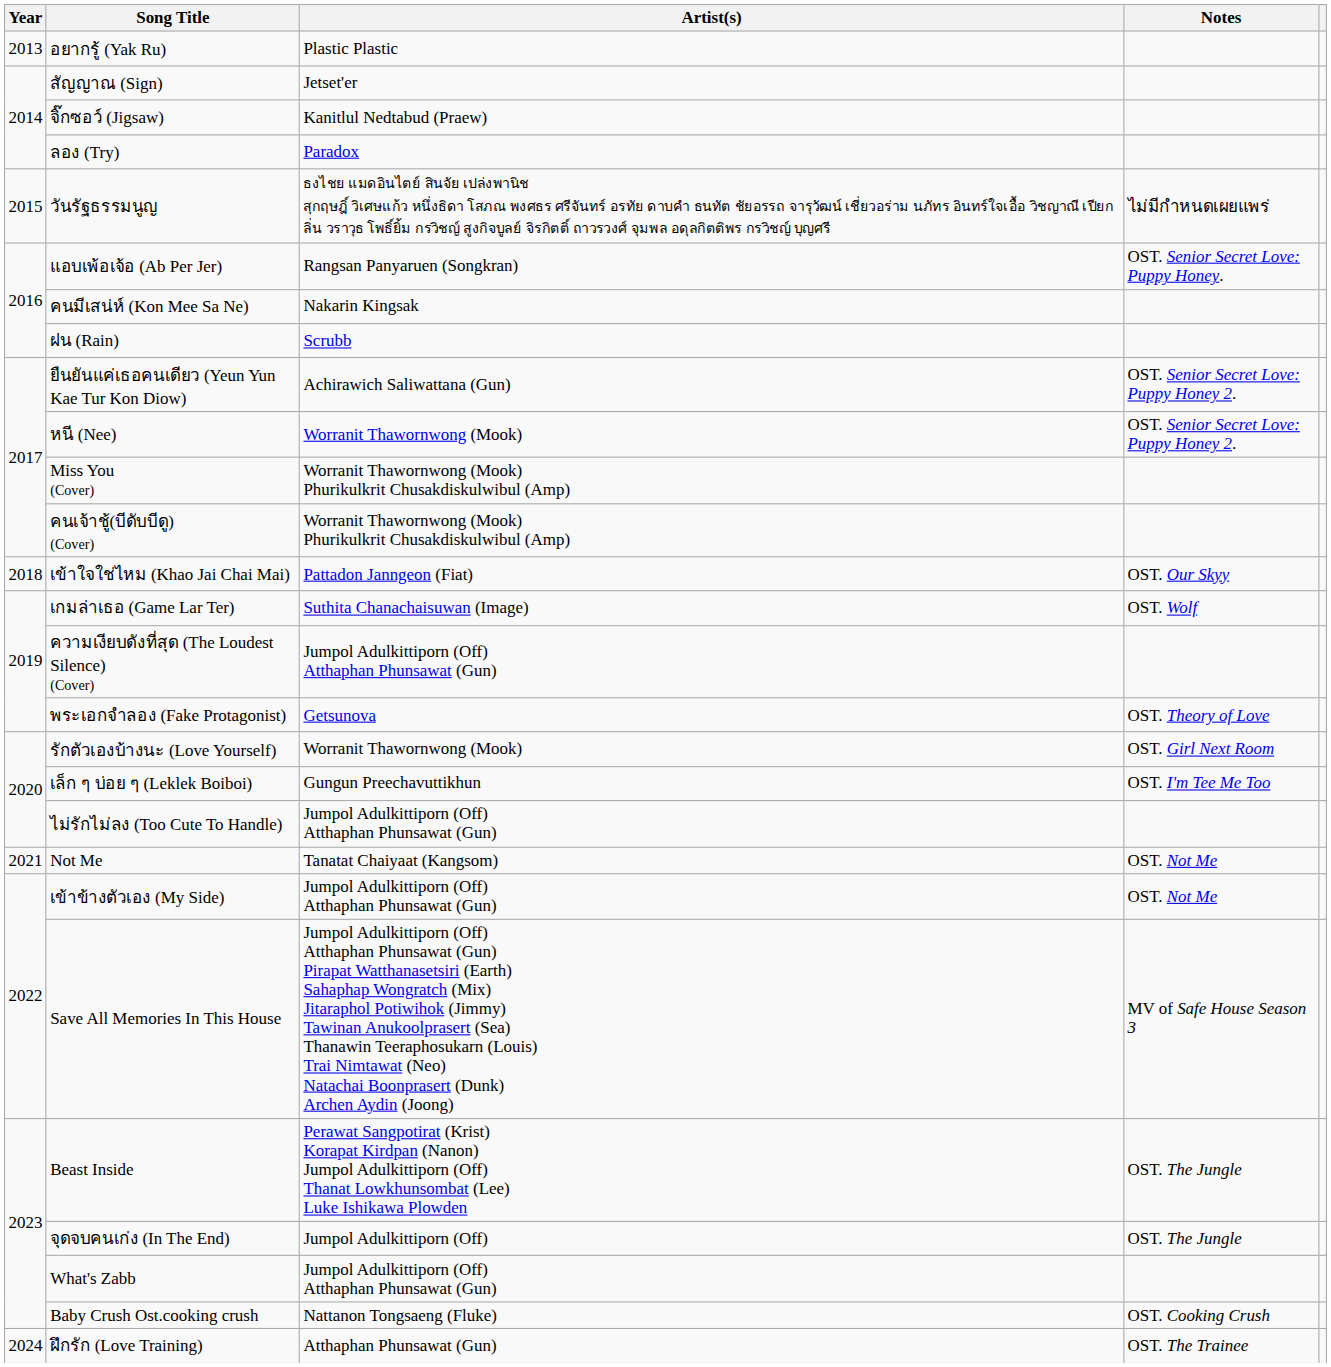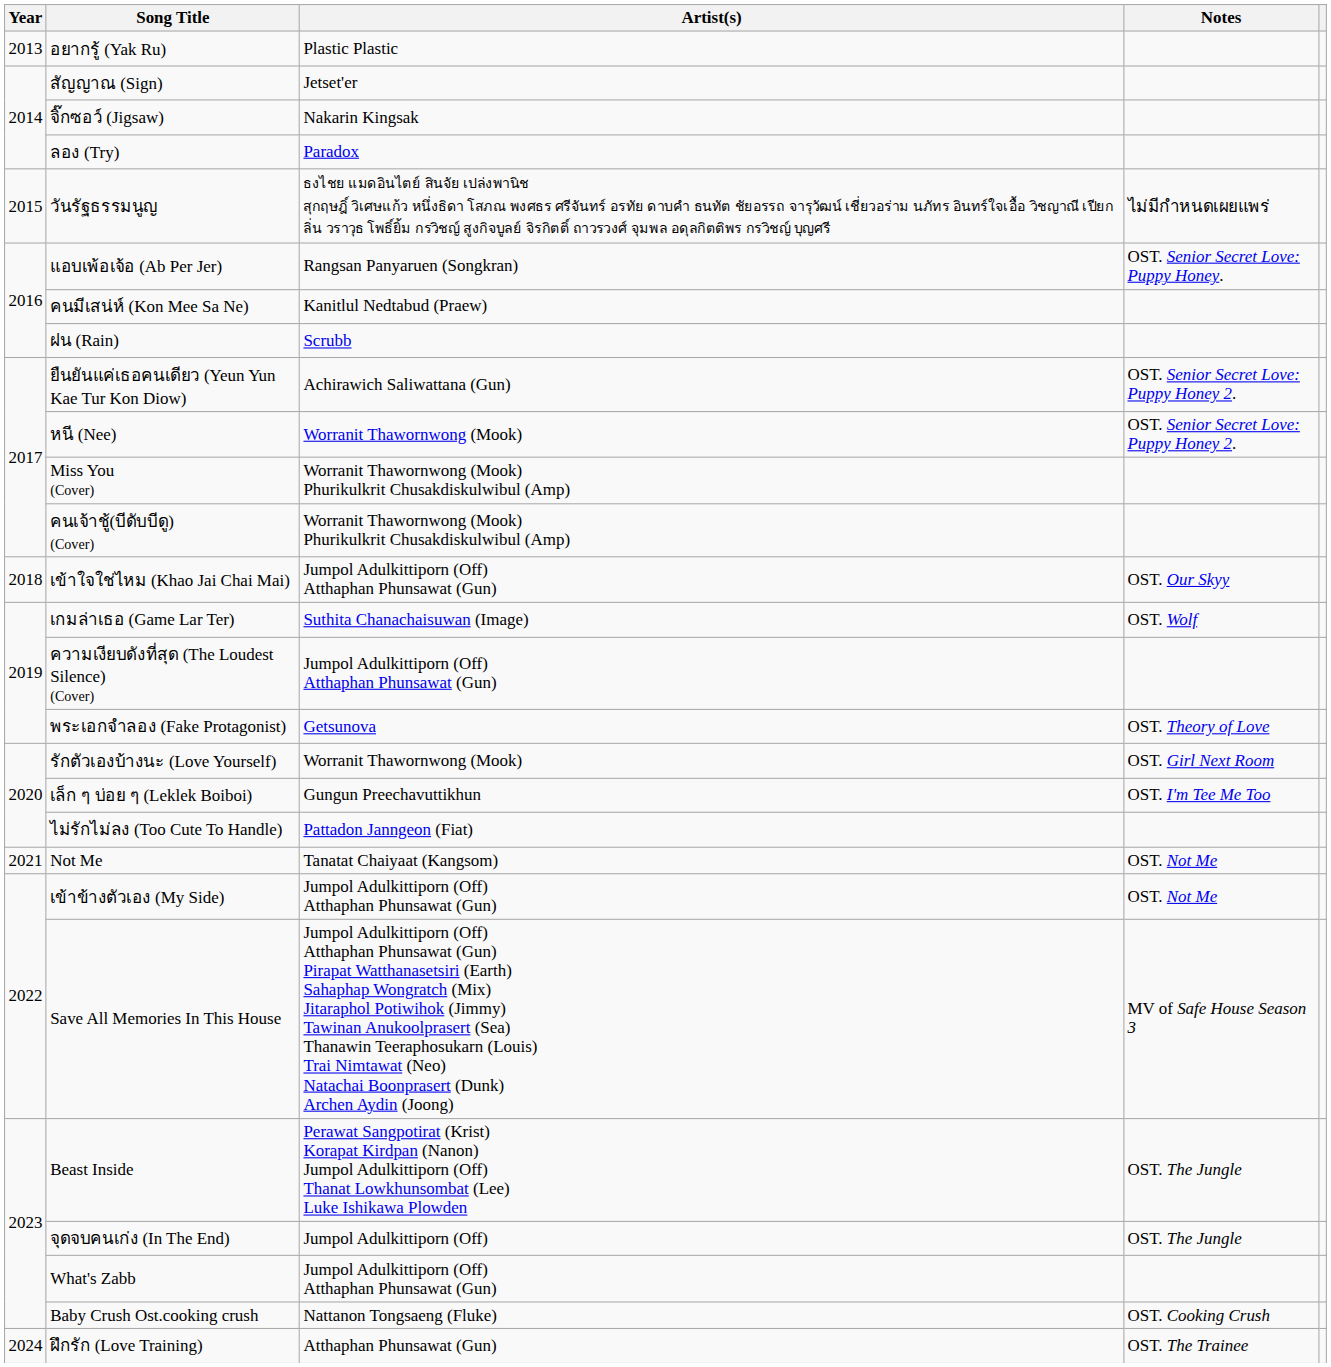 <table class="wikitable sortable plainrowheaders">
 <tr>
 <th scope="col">Year</th>
 <th scope="col">Song Title</th>
 <th scope="col">Artist(s)</th>
 <th scope="col" class="unsortable">Notes</th>
 <th scope="col" class="unsortable"></th>
 </tr>
 <tr>
 <td scope="row">2013</td>
 <td>อยากรู้ (Yak Ru)</td>
 <td>Plastic Plastic</td>
 <td></td>
 <td style="text-align: center;"></td>
 </tr>
 <tr>
 <td rowspan="3" scope="row">2014</td>
 <td>สัญญาณ (Sign)</td>
 <td>Jetset'er</td>
 <td></td>
 <td style="text-align: center;"></td>
 </tr>
 <tr>
 <td>จิ๊กซอว์ (Jigsaw)</td>
-<td>Kanitlul Nedtabud (Praew)</td>
+<td>Nakarin Kingsak</td>
 <td></td>
 <td style="text-align: center;"></td>
 </tr>
 <tr>
 <td>ลอง (Try)</td>
 <td><a href='#'>Paradox</a></td>
 <td></td>
 <td style="text-align: center;"></td>
 </tr>
 <tr>
 <td>2015</td>
 <td>วันรัฐธรรมนูญ</td>
 <td><small>ธงไชย แมดอินไตย์</small> <small>สินจัย เปล่งพานิช</small><br><small>สุกฤษฎิ์ วิเศษแก้ว</small> <small>หนึ่งธิดา โสภณ</small> <small>พงศธร ศรีจันทร์</small> <small>อรทัย ดาบคำ</small> <small>ธนทัต ชัยอรรถ</small> <small>จารุวัฒน์ เชี่ยวอร่าม</small> <small>นภัทร อินทร์ใจเอื้อ</small> <small>วิชญาณี เปียกลิ่น</small> <small>วราวุธ โพธิ์ยิ้ม</small> <small>กรวิชญ์ สูงกิจบูลย์</small> <small>จิรกิตติ์ ถาวรวงศ์</small> <small>จุมพล อดุลกิตติพร</small> <small>กรวิชญ์ บุญศรี</small></td>
 <td>ไม่มีกำหนดเผยแพร่</td>
 <td></td>
 </tr>
 <tr>
 <td rowspan="3">2016</td>
 <td>แอบเพ้อเจ้อ (Ab Per Jer)</td>
 <td>Rangsan Panyaruen (Songkran)</td>
 <td>OST. <em><a href='#'>Senior Secret Love: Puppy Honey</a></em>.</td>
 <td style="text-align: center;"></td>
 </tr>
 <tr>
 <td>คนมีเสน่ห์ (Kon Mee Sa Ne)</td>
-<td>Nakarin Kingsak</td>
+<td>Kanitlul Nedtabud (Praew)</td>
 <td></td>
 <td style="text-align: center;"></td>
 </tr>
 <tr>
 <td>ฝน (Rain)</td>
 <td><a href='#'>Scrubb</a></td>
 <td></td>
 <td style="text-align: center;"></td>
 </tr>
 <tr>
 <td rowspan="4">2017</td>
 <td>ยืนยันแค่เธอคนเดียว (Yeun Yun Kae Tur Kon Diow)</td>
 <td>Achirawich Saliwattana (Gun)</td>
 <td>OST. <em><a href='#'>Senior Secret Love: Puppy Honey 2</a></em>.</td>
 <td style="text-align: center;"></td>
 </tr>
 <tr>
 <td>หนี (Nee)</td>
 <td><a href='#'>Worranit Thawornwong</a> (Mook)</td>
 <td>OST. <em><a href='#'>Senior Secret Love: Puppy Honey 2</a></em>.</td>
 <td style="text-align: center;"></td>
 </tr>
 <tr>
 <td>Miss You<br><small>(Cover)</small></td>
 <td>Worranit Thawornwong (Mook)<br>Phurikulkrit Chusakdiskulwibul (Amp)</td>
 <td></td>
 <td></td>
 </tr>
 <tr>
 <td>คนเจ้าชู้(บีดับบีดู)<br><small>(Cover)</small></td>
 <td>Worranit Thawornwong (Mook)<br>Phurikulkrit Chusakdiskulwibul (Amp)</td>
 <td></td>
 <td></td>
 </tr>
 <tr>
 <td scope="row">2018</td>
 <td>เข้าใจใช่ไหม (Khao Jai Chai Mai)</td>
-<td><a href='#'>Pattadon Janngeon</a> (Fiat)</td>
+<td>Jumpol Adulkittiporn (Off)<br>Atthaphan Phunsawat (Gun)</td>
 <td>OST. <em><a href='#'>Our Skyy</a></em></td>
 <td style="text-align: center;"></td>
 </tr>
 <tr>
 <td rowspan="3">2019</td>
 <td>เกมล่าเธอ (Game Lar Ter)</td>
 <td><a href='#'>Suthita Chanachaisuwan</a> (Image)</td>
 <td>OST. <em><a href='#'>Wolf</a></em></td>
 <td></td>
 </tr>
 <tr>
 <td>ความเงียบดังที่สุด (The Loudest Silence)<br><small>(Cover)</small></td>
 <td>Jumpol Adulkittiporn (Off)<br><a href='#'>Atthaphan Phunsawat</a> (Gun)</td>
 <td></td>
 <td style="text-align: center;"></td>
 </tr>
 <tr>
 <td>พระเอกจำลอง (Fake Protagonist)</td>
 <td><a href='#'>Getsunova</a></td>
 <td>OST. <em><a href='#'>Theory of Love</a></em></td>
 <td style="text-align: center;"></td>
 </tr>
 <tr>
 <td rowspan="3">2020</td>
 <td>รักตัวเองบ้างนะ (Love Yourself)</td>
 <td>Worranit Thawornwong (Mook)</td>
 <td>OST. <em><a href='#'>Girl Next Room</a></em></td>
 <td></td>
 </tr>
 <tr>
 <td>เล็ก ๆ บ่อย ๆ (Leklek Boiboi)</td>
 <td>Gungun Preechavuttikhun</td>
 <td>OST. <em><a href='#'>I'm Tee Me Too</a></em></td>
 <td></td>
 </tr>
 <tr>
 <td>ไม่รักไม่ลง (Too Cute To Handle)</td>
-<td>Jumpol Adulkittiporn (Off)<br>Atthaphan Phunsawat (Gun)</td>
+<td><a href='#'>Pattadon Janngeon</a> (Fiat)</td>
 <td></td>
 <td></td>
 </tr>
 <tr>
 <td>2021</td>
 <td>Not Me</td>
 <td>Tanatat Chaiyaat (Kangsom)</td>
 <td>OST. <em><a href='#'>Not Me</a></em></td>
 <td></td>
 </tr>
 <tr>
 <td rowspan="2">2022</td>
 <td>เข้าข้างตัวเอง (My Side)</td>
 <td>Jumpol Adulkittiporn (Off)<br>Atthaphan Phunsawat (Gun)</td>
 <td>OST. <em><a href='#'>Not Me</a></em></td>
 <td></td>
 </tr>
 <tr>
 <td>Save All Memories In This House</td>
 <td>Jumpol Adulkittiporn (Off)<br>Atthaphan Phunsawat (Gun)<br><a href='#'>Pirapat Watthanasetsiri</a> (Earth)<br><a href='#'>Sahaphap Wongratch</a> (Mix)<br><a href='#'>Jitaraphol Potiwihok</a> (Jimmy)<br><a href='#'>Tawinan Anukoolprasert</a> (Sea)<br>Thanawin Teeraphosukarn (Louis)<br><a href='#'>Trai Nimtawat</a> (Neo)<br><a href='#'>Natachai Boonprasert</a> (Dunk)<br><a href='#'>Archen Aydin</a> (Joong)</td>
 <td>MV of <em>Safe House Season 3</em></td>
 <td></td>
 </tr>
 <tr>
 <td rowspan="4">2023</td>
 <td>Beast Inside</td>
 <td><a href='#'>Perawat Sangpotirat</a> (Krist)<br><a href='#'>Korapat Kirdpan</a> (Nanon)<br>Jumpol Adulkittiporn (Off)<br><a href='#'>Thanat Lowkhunsombat</a> (Lee)<br><a href='#'>Luke Ishikawa Plowden</a></td>
 <td>OST. <em>The Jungle</em></td>
 <td></td>
 </tr>
 <tr>
 <td>จุดจบคนเก่ง (In The End)</td>
 <td>Jumpol Adulkittiporn (Off)</td>
 <td>OST. <em>The Jungle</em></td>
 <td></td>
 </tr>
 <tr>
 <td>What's Zabb</td>
 <td>Jumpol Adulkittiporn (Off)<br>Atthaphan Phunsawat (Gun)</td>
 <td></td>
 <td></td>
 </tr>
 <tr>
 <td>Baby Crush Ost.cooking crush</td>
 <td>Nattanon Tongsaeng (Fluke)</td>
 <td>OST. <em>Cooking Crush</em></td>
 <td></td>
 </tr>
 <tr>
 <td rowspan="1">2024</td>
 <td>ฝึกรัก (Love Training)</td>
 <td>Atthaphan Phunsawat (Gun)</td>
 <td>OST. <em>The Trainee</em></td>
 <td></td>
 </tr>
 </table>
